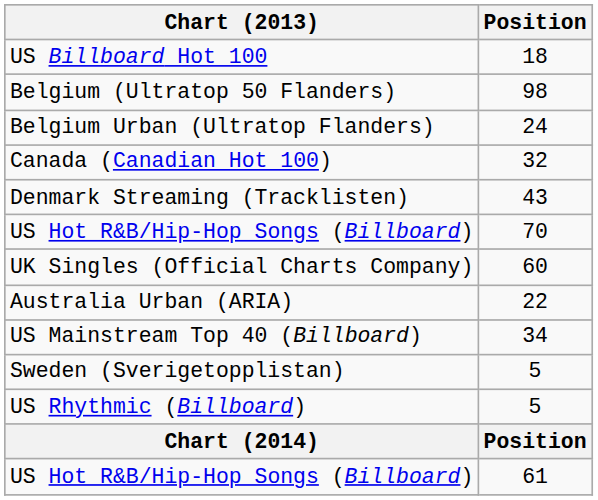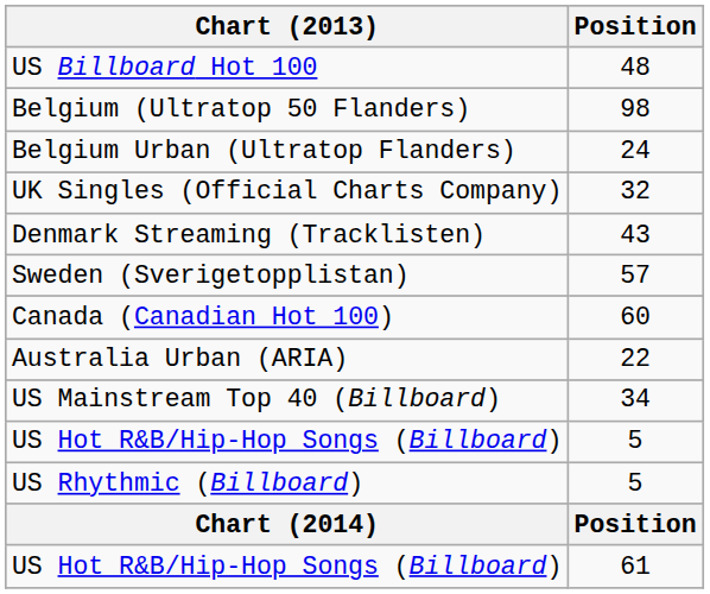 <table class="wikitable">
 <tr>
 <th scope="col">Chart (2013)</th>
 <th scope="col">Position</th>
 </tr>
 <tr>
 <td>US <a href='#'><em>Billboard</em> Hot 100</a></td>
-<td align="center">18</td>
+<td align="center">48</td>
 </tr>
 <tr>
 <td>Belgium (Ultratop 50 Flanders)</td>
 <td align="center">98</td>
 </tr>
 <tr>
 <td>Belgium Urban (Ultratop Flanders)</td>
 <td align="center">24</td>
 </tr>
 <tr>
-<td>Canada (<a href='#'>Canadian Hot 100</a>)</td>
+<td>UK Singles (Official Charts Company)</td>
 <td align="center">32</td>
 </tr>
 <tr>
 <td>Denmark Streaming (Tracklisten)</td>
 <td align="center">43</td>
 </tr>
 <tr>
-<td>US <a href='#'>Hot R&B/Hip-Hop Songs</a> (<em><a href='#'>Billboard</a></em>)</td>
-<td align="center">70</td>
+<td>Sweden (Sverigetopplistan)</td>
+<td align="center">57</td>
 </tr>
 <tr>
-<td>UK Singles (Official Charts Company)</td>
+<td>Canada (<a href='#'>Canadian Hot 100</a>)</td>
 <td align="center">60</td>
 </tr>
 <tr>
 <td>Australia Urban (ARIA)</td>
 <td style="text-align:center;">22</td>
 </tr>
 <tr>
 <td>US Mainstream Top 40 (<em>Billboard</em>)</td>
 <td style="text-align:center;">34</td>
 </tr>
 <tr>
-<td>Sweden (Sverigetopplistan)</td>
+<td>US <a href='#'>Hot R&B/Hip-Hop Songs</a> (<em><a href='#'>Billboard</a></em>)</td>
 <td style="text-align:center;">5</td>
 </tr>
 <tr>
 <td>US <a href='#'>Rhythmic</a> (<em><a href='#'>Billboard</a></em>)</td>
 <td style="text-align:center;">5</td>
 </tr>
 <tr>
 <th scope="col">Chart (2014)</th>
 <th scope="col">Position</th>
 </tr>
 <tr>
 <td>US <a href='#'>Hot R&B/Hip-Hop Songs</a> (<em><a href='#'>Billboard</a></em>)</td>
 <td style="text-align:center;">61</td>
 </tr>
 </table>
